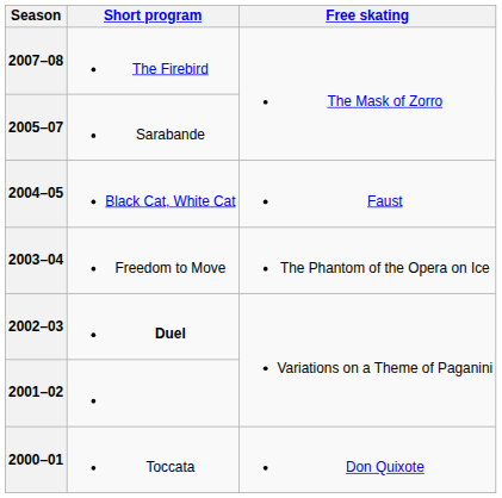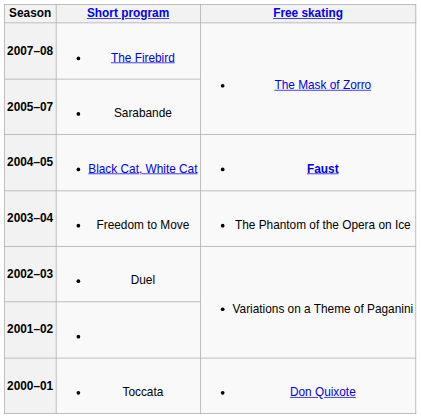 <table class=wikitable style=text-align:center>
 <tr>
 <th>Season</th>
 <th><a href='#'>Short program</a></th>
 <th><a href='#'>Free skating</a></th>
 </tr>
 <tr>
 <th>2007–08 <br> </th>
 <td><br><ul><li><a href='#'>The Firebird</a> <br></li></ul></td>
 <td rowspan=2><br><ul><li><a href='#'>The Mask of Zorro</a> <br></li></ul></td>
 </tr>
 <tr>
 <th>2005–07 <br> </th>
 <td><br><ul><li>Sarabande <br></li></ul></td>
 </tr>
 <tr>
 <th>2004–05 <br> </th>
 <td><br><ul><li><a href='#'>Black Cat, White Cat</a> <br></li></ul></td>
-<td><br><ul><li><a href='#'>Faust</a> <br></li></ul></td>
+<td><strong><br><ul><li><a href='#'>Faust</a> <br></li></ul></strong></td>
 </tr>
 <tr>
 <th>2003–04 <br> </th>
 <td><br><ul><li>Freedom to Move <br></li></ul></td>
 <td><br><ul><li>The Phantom of the Opera on Ice <br></li></ul></td>
 </tr>
 <tr>
 <th>2002–03 <br> </th>
-<td><strong><br><ul><li>Duel <br></li></ul></strong></td>
+<td><br><ul><li>Duel <br></li></ul></td>
 <td rowspan=2><br><ul><li>Variations on a Theme of Paganini <br></li></ul></td>
 </tr>
 <tr>
 <th>2001–02 <br> </th>
 <td><br><ul><li></li></ul></td>
 </tr>
 <tr>
 <th>2000–01 <br> </th>
 <td><br><ul><li>Toccata <br></li></ul></td>
 <td><br><ul><li><a href='#'>Don Quixote</a> <br></li></ul></td>
 </tr>
 </table>
